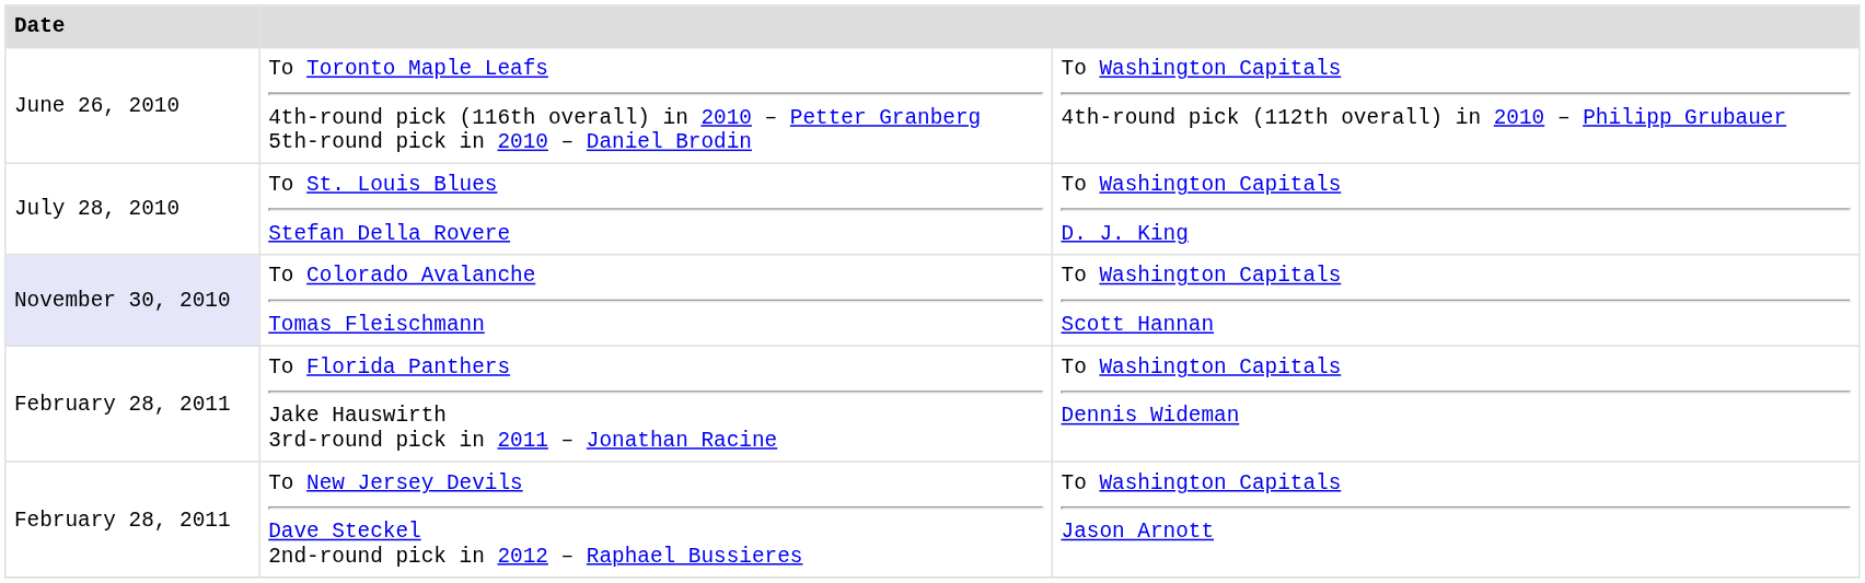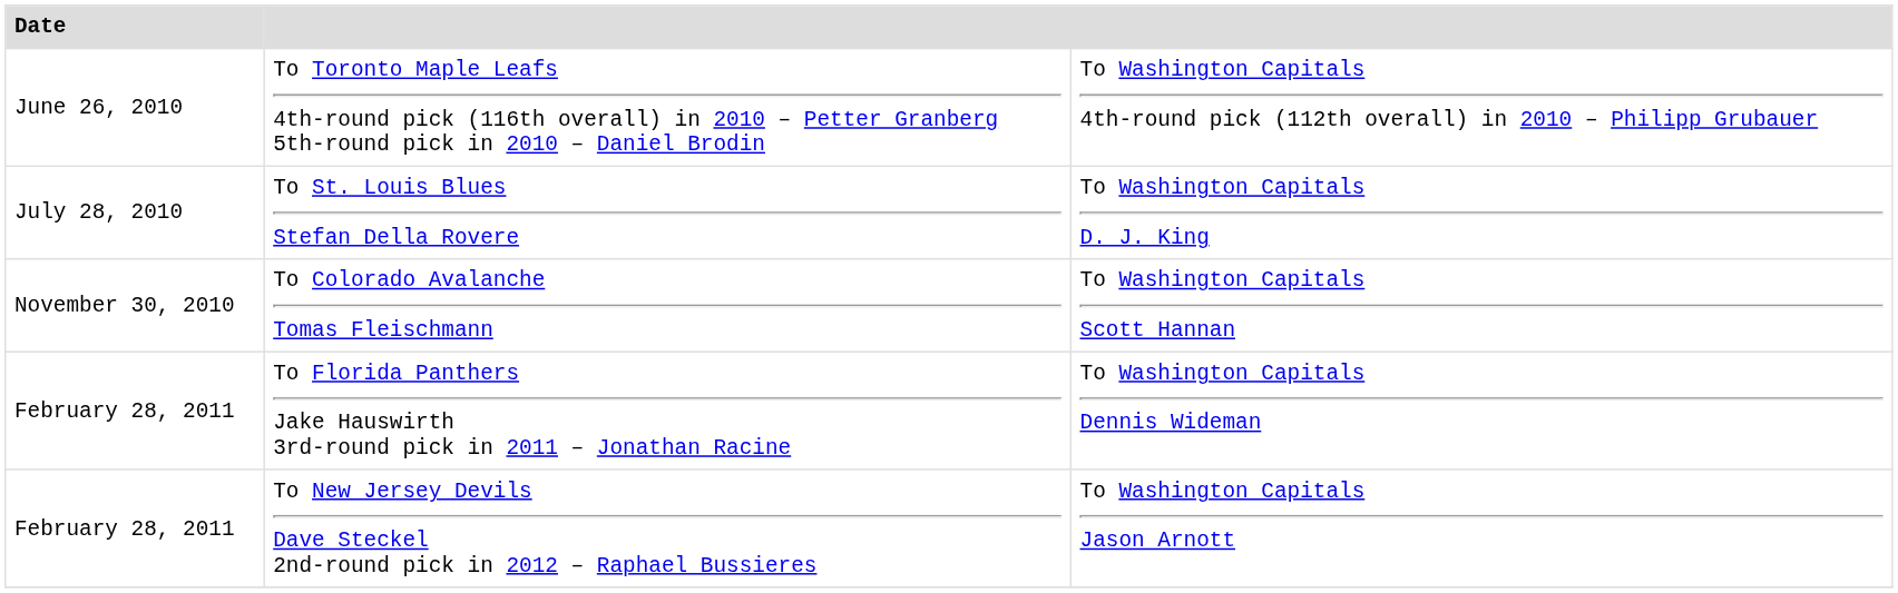 <table border=1 style="border-collapse:collapse" bordercolor="#DFDFDF"  cellpadding="5" width=90%>
 <tr bgcolor="#dddddd">
 <td><strong>Date</strong></td>
 <th colspan="2"></th>
 </tr>
 <tr>
 <td>June 26, 2010<br></td>
 <td valign="top">To <a href='#'>Toronto Maple Leafs</a><hr>4th-round pick (116th overall) in <a href='#'>2010</a> – <a href='#'>Petter Granberg</a><br>5th-round pick in <a href='#'>2010</a> – <a href='#'>Daniel Brodin</a></td>
 <td valign="top">To <a href='#'>Washington Capitals</a><hr>4th-round pick (112th overall) in <a href='#'>2010</a> – <a href='#'>Philipp Grubauer</a></td>
 </tr>
 <tr>
 <td>July 28, 2010<br></td>
 <td valign="top">To <a href='#'>St. Louis Blues</a><hr><a href='#'>Stefan Della Rovere</a></td>
 <td valign="top">To <a href='#'>Washington Capitals</a><hr><a href='#'>D. J. King</a></td>
 </tr>
 <tr>
-<td style="background: lavender;">November 30, 2010<br></td>
+<td>November 30, 2010<br></td>
 <td valign="top">To <a href='#'>Colorado Avalanche</a><hr><a href='#'>Tomas Fleischmann</a></td>
 <td valign="top">To <a href='#'>Washington Capitals</a><hr><a href='#'>Scott Hannan</a></td>
 </tr>
 <tr>
 <td>February 28, 2011<br></td>
 <td valign="top">To <a href='#'>Florida Panthers</a><hr>Jake Hauswirth<br>3rd-round pick in <a href='#'>2011</a> – <a href='#'>Jonathan Racine</a></td>
 <td valign="top">To <a href='#'>Washington Capitals</a><hr><a href='#'>Dennis Wideman</a></td>
 </tr>
 <tr>
 <td>February 28, 2011<br></td>
 <td valign="top">To <a href='#'>New Jersey Devils</a><hr><a href='#'>Dave Steckel</a><br>2nd-round pick in <a href='#'>2012</a> – <a href='#'>Raphael Bussieres</a></td>
 <td valign="top">To <a href='#'>Washington Capitals</a><hr><a href='#'>Jason Arnott</a></td>
 </tr>
 <tr>
 </tr>
 </table>
